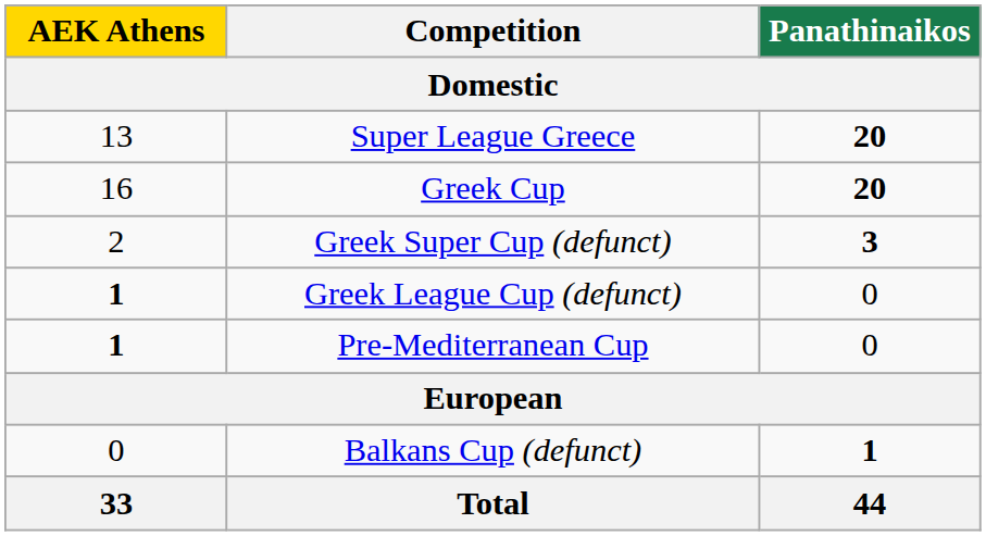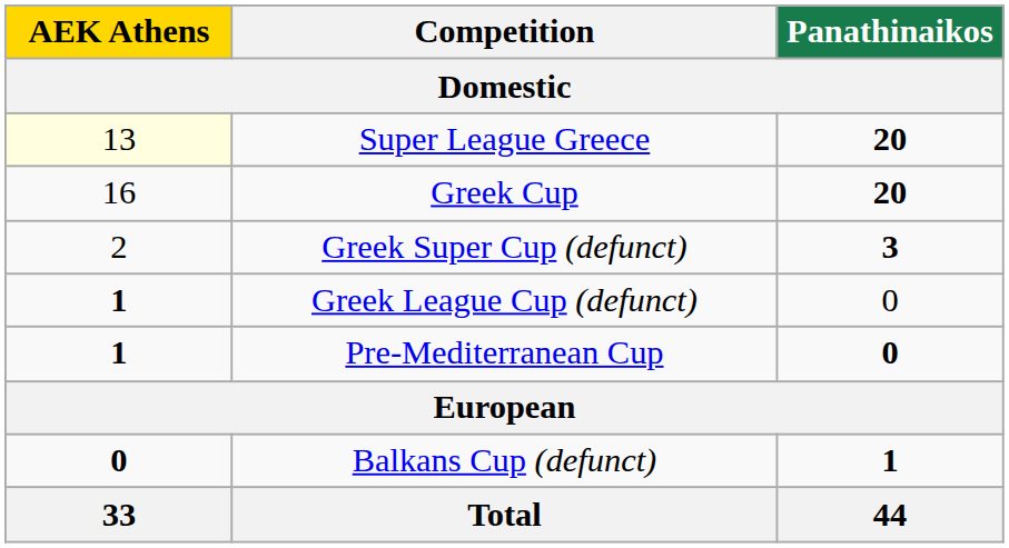 <table class="wikitable" style="text-align:center;font-size:100%">
 <tr>
 <th width="100" style="color:black;background:#ffd700">AEK Athens</th>
 <th width="250">Competition</th>
 <th width="100" style="color:white;background:#187B4C">Panathinaikos</th>
 </tr>
 <tr>
 <th colspan="4">Domestic</th>
 </tr>
 <tr>
-<td>13</td>
+<td style="background: lightyellow;">13</td>
 <td><a href='#'>Super League Greece</a></td>
 <td><strong>20</strong></td>
 </tr>
 <tr>
 <td>16</td>
 <td><a href='#'>Greek Cup</a></td>
 <td><strong>20</strong></td>
 </tr>
 <tr>
 <td>2</td>
 <td><a href='#'>Greek Super Cup</a> <em>(defunct)</em></td>
 <td><strong>3</strong></td>
 </tr>
 <tr>
 <td><strong>1</strong></td>
 <td><a href='#'>Greek League Cup</a> <em>(defunct)</em></td>
 <td>0</td>
 </tr>
 <tr>
 <td><strong>1</strong></td>
 <td><a href='#'>Pre-Mediterranean Cup</a></td>
-<td>0</td>
+<td><strong>0</strong></td>
 </tr>
 <tr>
 <th colspan="4">European</th>
 </tr>
 <tr>
-<td>0</td>
+<td><strong>0</strong></td>
 <td><a href='#'>Balkans Cup</a> <em>(defunct)</em></td>
 <td><strong>1</strong></td>
 </tr>
 <tr>
 <th>33</th>
 <th>Total</th>
 <th>44</th>
 </tr>
 </table>
